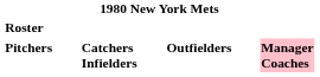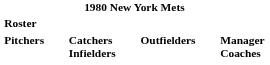 <table class="toccolours" style="font-size: 95%;">
 <tr>
 <th colspan="10">1980 New York Mets</th>
 </tr>
 <tr>
 <td colspan="10"><strong>Roster</strong></td>
 </tr>
 <tr>
 <td valign="top"><strong>Pitchers</strong><br>                </td>
 <td style="width:25px;"></td>
 <td valign="top"><strong>Catchers</strong><br>    <strong>Infielders</strong>            </td>
 <td style="width:25px;"></td>
 <td valign="top"><strong>Outfielders</strong><br>      </td>
 <td style="width:25px;"></td>
-<td valign="top" style="background: pink;"><strong>Manager</strong><br> <strong>Coaches</strong>    </td>
+<td valign="top"><strong>Manager</strong><br> <strong>Coaches</strong>    </td>
 </tr>
 </table>
